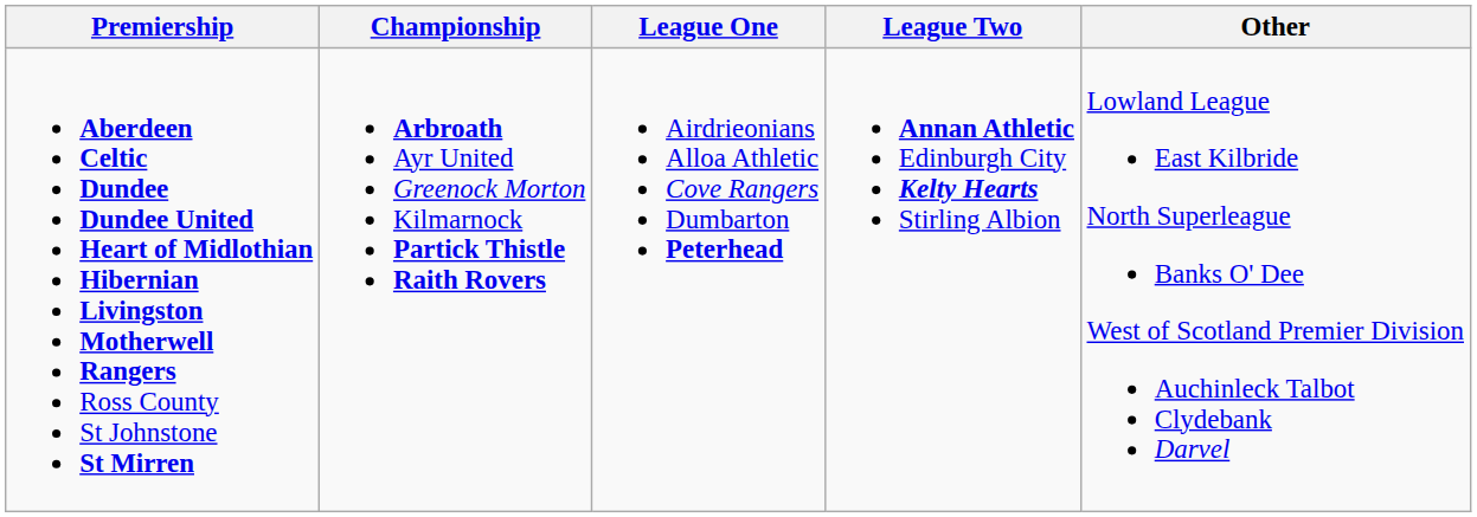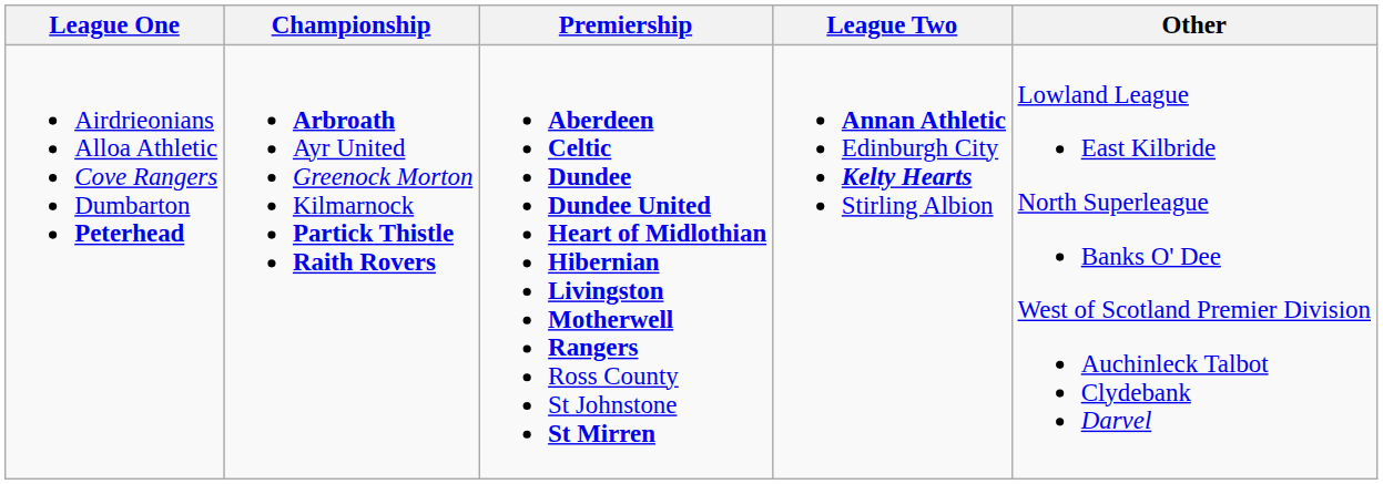 <table class="wikitable" style="text-align:left">
 <tr>
+<th><a href='#'>League One</a></th>
+<th><a href='#'>Championship</a></th>
 <th><a href='#'>Premiership</a></th>
-<th><a href='#'>Championship</a></th>
-<th><a href='#'>League One</a></th>
 <th><a href='#'>League Two</a></th>
 <th>Other</th>
 </tr>
 <tr>
+<td valign=top><br><ul><li><a href='#'>Airdrieonians</a></li><li><a href='#'>Alloa Athletic</a></li><li><em><a href='#'>Cove Rangers</a></em></li><li><a href='#'>Dumbarton</a></li><li><strong><a href='#'>Peterhead</a></strong></li></ul></td>
+<td valign=top><br><ul><li><strong><a href='#'>Arbroath</a></strong></li><li><a href='#'>Ayr United</a></li><li><em><a href='#'>Greenock Morton</a></em></li><li><a href='#'>Kilmarnock</a></li><li><strong><a href='#'>Partick Thistle</a></strong></li><li><strong><a href='#'>Raith Rovers</a></strong></li></ul></td>
 <td valign=top><br><ul><li><strong><a href='#'>Aberdeen</a></strong></li><li><strong><a href='#'>Celtic</a></strong></li><li><strong><a href='#'>Dundee</a></strong></li><li><strong><a href='#'>Dundee United</a></strong></li><li><strong><a href='#'>Heart of Midlothian</a></strong></li><li><strong><a href='#'>Hibernian</a></strong></li><li><strong><a href='#'>Livingston</a></strong></li><li><strong><a href='#'>Motherwell</a></strong></li><li><strong><a href='#'>Rangers</a></strong></li><li><a href='#'>Ross County</a></li><li><a href='#'>St Johnstone</a></li><li><strong><a href='#'>St Mirren</a></strong></li></ul></td>
-<td valign=top><br><ul><li><strong><a href='#'>Arbroath</a></strong></li><li><a href='#'>Ayr United</a></li><li><em><a href='#'>Greenock Morton</a></em></li><li><a href='#'>Kilmarnock</a></li><li><strong><a href='#'>Partick Thistle</a></strong></li><li><strong><a href='#'>Raith Rovers</a></strong></li></ul></td>
-<td valign=top><br><ul><li><a href='#'>Airdrieonians</a></li><li><a href='#'>Alloa Athletic</a></li><li><em><a href='#'>Cove Rangers</a></em></li><li><a href='#'>Dumbarton</a></li><li><strong><a href='#'>Peterhead</a></strong></li></ul></td>
 <td valign=top><br><ul><li><strong><a href='#'>Annan Athletic</a></strong></li><li><a href='#'>Edinburgh City</a></li><li><strong><em><a href='#'>Kelty Hearts</a></em></strong></li><li><a href='#'>Stirling Albion</a></li></ul></td>
 <td valign=top><br><a href='#'>Lowland League</a><ul><li><a href='#'>East Kilbride</a></li></ul><a href='#'>North Superleague</a><ul><li><a href='#'>Banks O' Dee</a></li></ul><a href='#'>West of Scotland Premier Division</a><ul><li><a href='#'>Auchinleck Talbot</a></li><li><a href='#'>Clydebank</a></li><li><em><a href='#'>Darvel</a></em></li></ul></td>
 </tr>
 </table>
